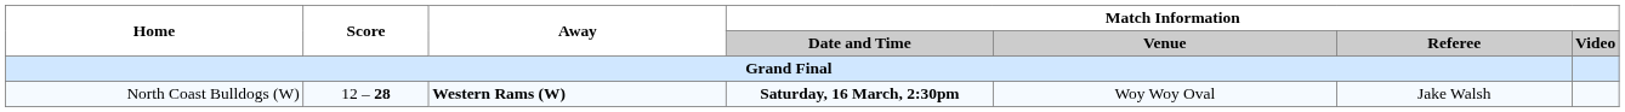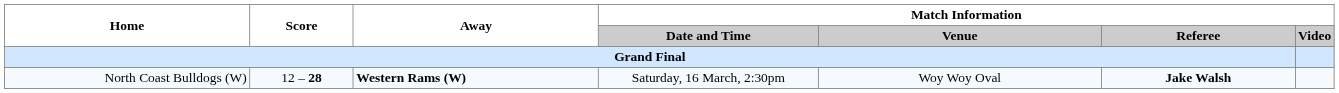 <table width="100%" cellspacing="0" cellpadding="3" border="1" style="border-collapse:collapse;  text-align:center;">
 <tr>
 <th rowspan="2" width="19%">Home</th>
 <th rowspan="2" width="8%">Score</th>
 <th rowspan="2" width="19%">Away</th>
 <th colspan="4">Match Information</th>
 </tr>
 <tr bgcolor="#CCCCCC">
 <th width="17%">Date and Time</th>
 <th width="22%">Venue</th>
 <th width="50%">Referee</th>
 <th>Video</th>
 </tr>
 <tr style="background:#d0e7ff;">
 <td colspan="6"><strong>Grand Final</strong></td>
 <td></td>
 </tr>
 <tr style="text-align:center; background:#f5faff;">
 <td align="right">North Coast Bulldogs (W) </td>
 <td>12 – <strong>28</strong></td>
 <td align="left"><strong> Western Rams (W)</strong></td>
-<td><strong>Saturday, 16 March, 2:30pm</strong></td>
+<td>Saturday, 16 March, 2:30pm</td>
 <td>Woy Woy Oval</td>
-<td>Jake Walsh</td>
+<td><strong>Jake Walsh</strong></td>
 <td></td>
 </tr>
 </table>
